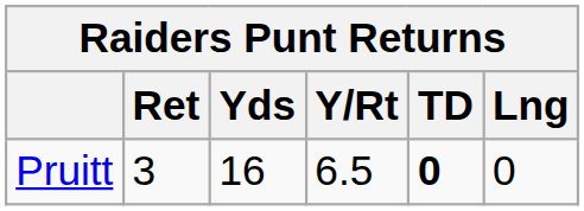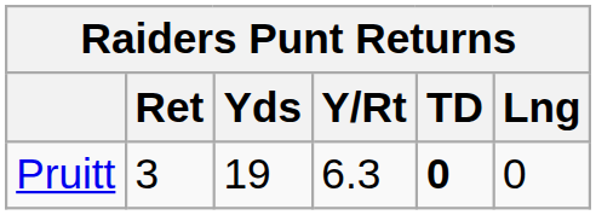 <table class="wikitable">
 <tr>
 <th colspan="6">Raiders Punt Returns</th>
 </tr>
 <tr>
 <th></th>
 <th>Ret</th>
 <th>Yds</th>
 <th>Y/Rt</th>
 <th>TD</th>
 <th>Lng</th>
 </tr>
 <tr>
 <td><a href='#'>Pruitt</a></td>
 <td>3</td>
-<td>16</td>
-<td>6.5</td>
+<td>19</td>
+<td>6.3</td>
 <td><strong>0</strong></td>
 <td>0</td>
 </tr>
 </table>
